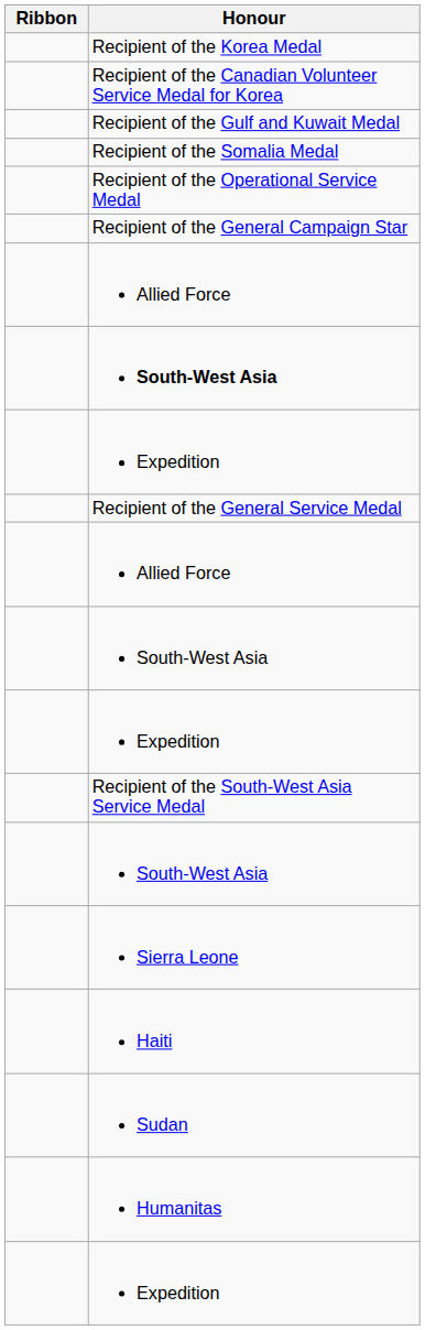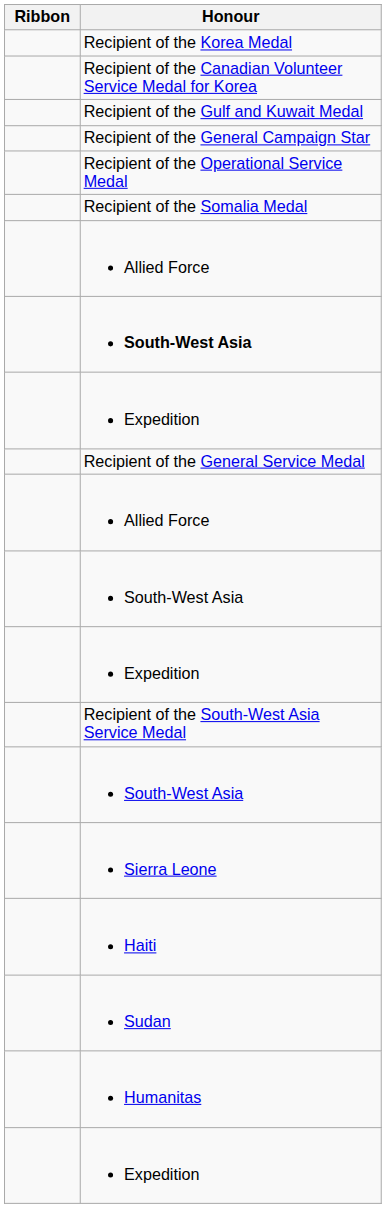 <table class="wikitable" style="width:60%;">
 <tr>
 <th width="20%">Ribbon</th>
 <th width="80%">Honour</th>
 </tr>
 <tr>
 <td></td>
 <td>Recipient of the <a href='#'>Korea Medal</a></td>
 </tr>
 <tr>
 <td></td>
 <td>Recipient of the <a href='#'>Canadian Volunteer Service Medal for Korea</a></td>
 </tr>
 <tr>
 <td></td>
 <td>Recipient of the <a href='#'>Gulf and Kuwait Medal</a></td>
 </tr>
 <tr>
 <td></td>
-<td>Recipient of the <a href='#'>Somalia Medal</a></td>
+<td>Recipient of the <a href='#'>General Campaign Star</a></td>
 </tr>
 <tr>
 <td></td>
 <td>Recipient of the <a href='#'>Operational Service Medal</a></td>
 </tr>
 <tr>
 <td></td>
-<td>Recipient of the <a href='#'>General Campaign Star</a></td>
+<td>Recipient of the <a href='#'>Somalia Medal</a></td>
 </tr>
 <tr>
 <td valign=top></td>
 <td><br><ul><li>Allied Force</li></ul></td>
 </tr>
 <tr>
 <td valign=top></td>
 <td><strong><br><ul><li>South-West Asia</li></ul></strong></td>
 </tr>
 <tr>
 <td valign=top></td>
 <td><br><ul><li>Expedition</li></ul></td>
 </tr>
 <tr>
 <td></td>
 <td>Recipient of the <a href='#'>General Service Medal</a></td>
 </tr>
 <tr>
 <td valign=top></td>
 <td><br><ul><li>Allied Force</li></ul></td>
 </tr>
 <tr>
 <td valign=top></td>
 <td><br><ul><li>South-West Asia</li></ul></td>
 </tr>
 <tr>
 <td valign=top></td>
 <td><br><ul><li>Expedition</li></ul></td>
 </tr>
 <tr>
 <td></td>
 <td>Recipient of the <a href='#'>South-West Asia Service Medal</a></td>
 </tr>
 <tr>
 <td valign=top></td>
 <td><br><ul><li><a href='#'>South-West Asia</a></li></ul></td>
 </tr>
 <tr>
 <td valign=top></td>
 <td><br><ul><li><a href='#'>Sierra Leone</a></li></ul></td>
 </tr>
 <tr>
 <td valign=top></td>
 <td><br><ul><li><a href='#'>Haiti</a></li></ul></td>
 </tr>
 <tr>
 <td valign=top></td>
 <td><br><ul><li><a href='#'>Sudan</a></li></ul></td>
 </tr>
 <tr>
 <td valign=top></td>
 <td><br><ul><li><a href='#'>Humanitas</a></li></ul></td>
 </tr>
 <tr>
 <td valign=top></td>
 <td><br><ul><li>Expedition</li></ul></td>
 </tr>
 </table>
